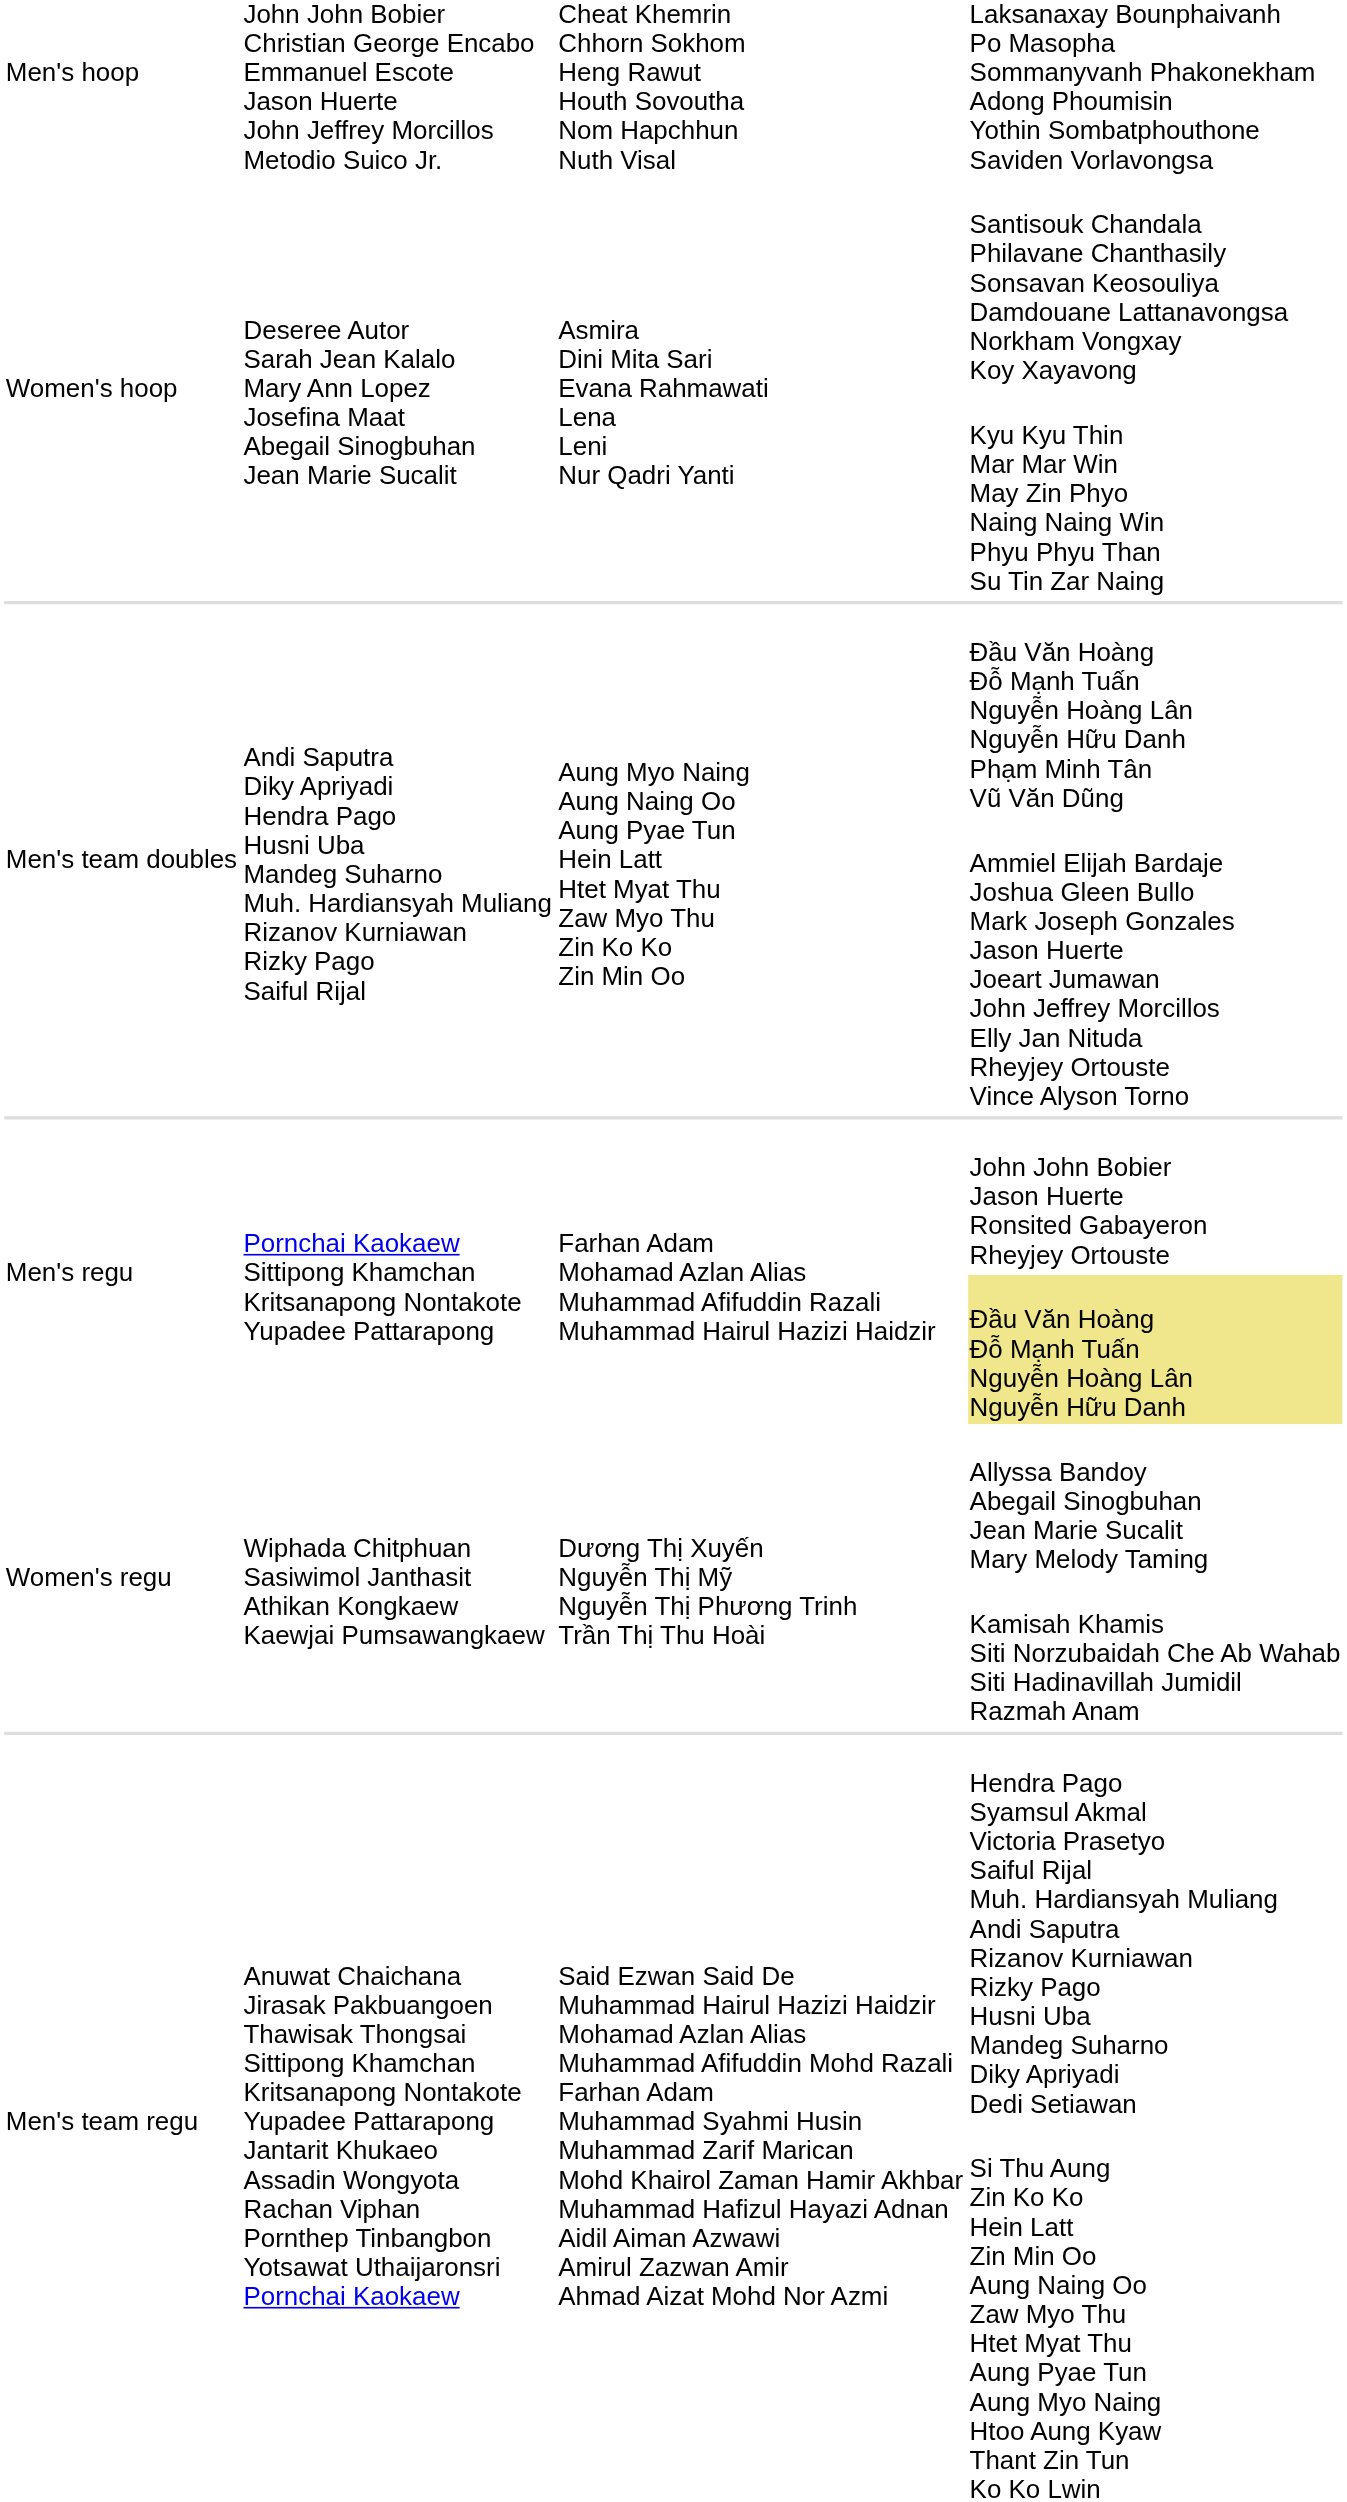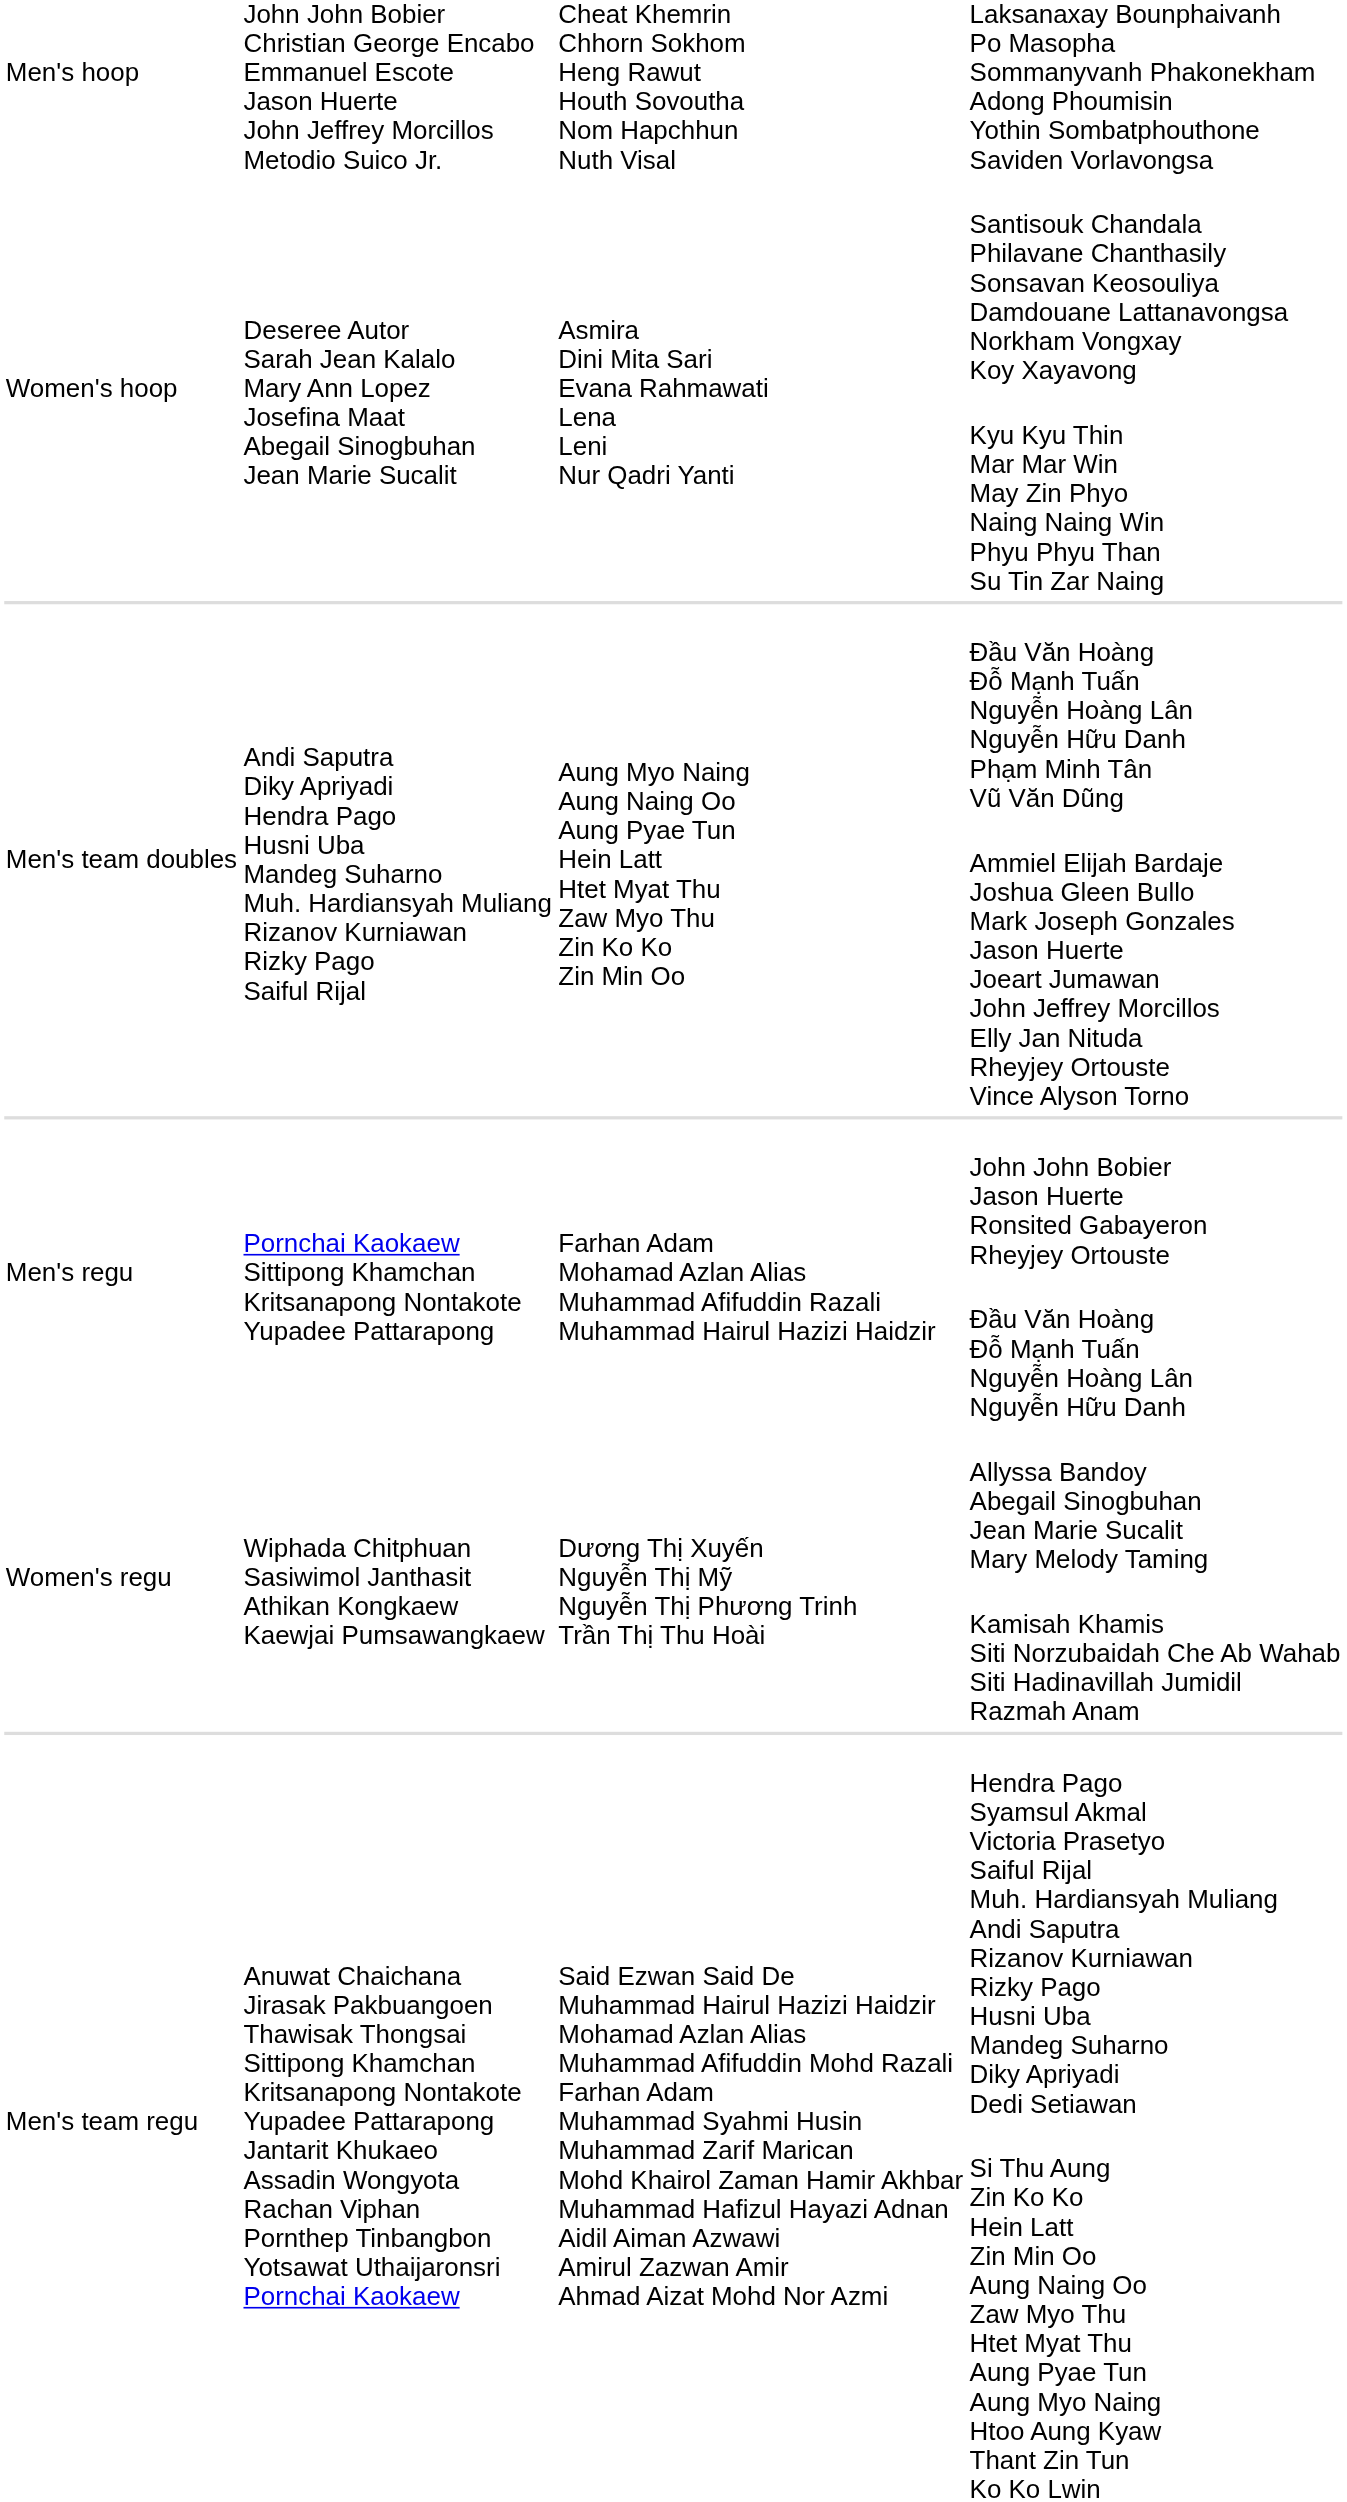 <table>
 <tr>
 <td>Men's hoop</td>
 <td><br>John John Bobier<br>Christian George Encabo<br>Emmanuel Escote<br>Jason Huerte<br>John Jeffrey Morcillos<br>Metodio Suico Jr.</td>
 <td><br>Cheat Khemrin<br>Chhorn Sokhom<br>Heng Rawut<br>Houth Sovoutha<br>Nom Hapchhun<br>Nuth Visal</td>
 <td nowrap=true><br>Laksanaxay Bounphaivanh<br>Po Masopha<br>Sommanyvanh Phakonekham<br>Adong Phoumisin<br>Yothin Sombatphouthone<br>Saviden Vorlavongsa</td>
 </tr>
 <tr>
 <td rowspan=2>Women's hoop</td>
 <td rowspan=2><br>Deseree Autor<br>Sarah Jean Kalalo<br>Mary Ann Lopez<br>Josefina Maat<br>Abegail Sinogbuhan<br>Jean Marie Sucalit</td>
 <td rowspan=2><br>Asmira<br>Dini Mita Sari<br>Evana Rahmawati<br>Lena<br>Leni<br>Nur Qadri Yanti</td>
 <td><br>Santisouk Chandala<br>Philavane Chanthasily<br>Sonsavan Keosouliya<br>Damdouane Lattanavongsa<br>Norkham Vongxay<br>Koy Xayavong</td>
 </tr>
 <tr>
 <td><br>Kyu Kyu Thin<br>Mar Mar Win<br>May Zin Phyo<br>Naing Naing Win<br>Phyu Phyu Than<br>Su Tin Zar Naing</td>
 </tr>
 <tr style="background:#dddddd;">
 <td colspan=7></td>
 </tr>
 <tr>
 <td rowspan=2>Men's team doubles</td>
 <td nowrap=true rowspan=2><br> Andi Saputra <br> Diky Apriyadi <br> Hendra Pago <br> Husni Uba <br> Mandeg Suharno <br> Muh. Hardiansyah Muliang  <br> Rizanov Kurniawan <br> Rizky Pago <br> Saiful Rijal</td>
 <td rowspan=2><br>Aung Myo Naing<br>Aung Naing Oo<br>Aung Pyae Tun<br>Hein Latt<br>Htet Myat Thu<br>Zaw Myo Thu<br>Zin Ko Ko<br>Zin Min Oo</td>
 <td><br>Đầu Văn Hoàng<br>Đỗ Mạnh Tuấn<br>Nguyễn Hoàng Lân<br>Nguyễn Hữu Danh<br>Phạm Minh Tân<br>Vũ Văn Dũng</td>
 </tr>
 <tr>
 <td><br>Ammiel Elijah Bardaje<br>Joshua Gleen Bullo<br>Mark Joseph Gonzales<br>Jason Huerte<br>Joeart Jumawan<br>John Jeffrey Morcillos<br>Elly Jan Nituda<br>Rheyjey Ortouste<br>Vince Alyson Torno</td>
 </tr>
 <tr style="background:#dddddd;">
 <td colspan=7></td>
 </tr>
 <tr>
 <td rowspan=2>Men's regu</td>
 <td rowspan=2><br><a href='#'>Pornchai Kaokaew</a><br>Sittipong Khamchan<br>Kritsanapong Nontakote<br>Yupadee Pattarapong</td>
 <td rowspan=2><br>Farhan Adam<br>Mohamad Azlan Alias<br>Muhammad Afifuddin Razali<br>Muhammad Hairul Hazizi Haidzir</td>
 <td><br>John John Bobier<br>Jason Huerte<br>Ronsited Gabayeron<br>Rheyjey Ortouste</td>
 </tr>
 <tr>
-<td style="background: khaki;"><br>Đầu Văn Hoàng<br>Đỗ Mạnh Tuấn<br>Nguyễn Hoàng Lân<br>Nguyễn Hữu Danh</td>
+<td><br>Đầu Văn Hoàng<br>Đỗ Mạnh Tuấn<br>Nguyễn Hoàng Lân<br>Nguyễn Hữu Danh</td>
 </tr>
 <tr>
 <td rowspan=2>Women's regu</td>
 <td rowspan=2><br>Wiphada Chitphuan<br>Sasiwimol Janthasit<br>Athikan Kongkaew<br>Kaewjai Pumsawangkaew</td>
 <td rowspan=2><br>Dương Thị Xuyến<br>Nguyễn Thị Mỹ<br>Nguyễn Thị Phương Trinh<br>Trần Thị Thu Hoài</td>
 <td><br>Allyssa Bandoy<br>Abegail Sinogbuhan<br>Jean Marie Sucalit<br>Mary Melody Taming</td>
 </tr>
 <tr>
 <td nowrap=true><br>Kamisah Khamis<br>Siti Norzubaidah Che Ab Wahab<br>Siti Hadinavillah Jumidil<br>Razmah Anam</td>
 </tr>
 <tr style="background:#dddddd;">
 <td colspan=7></td>
 </tr>
 <tr>
 <td rowspan=2>Men's team regu</td>
 <td rowspan=2><br>Anuwat Chaichana<br>Jirasak Pakbuangoen<br>Thawisak Thongsai<br>Sittipong Khamchan<br>Kritsanapong Nontakote<br>Yupadee Pattarapong<br>Jantarit Khukaeo<br>Assadin Wongyota<br>Rachan Viphan<br>Pornthep Tinbangbon<br>Yotsawat Uthaijaronsri<br><a href='#'>Pornchai Kaokaew</a></td>
 <td rowspan=2 nowrap=true><br>Said Ezwan Said De<br>Muhammad Hairul Hazizi Haidzir<br>Mohamad Azlan Alias<br>Muhammad Afifuddin Mohd Razali<br>Farhan Adam<br>Muhammad Syahmi Husin<br>Muhammad Zarif Marican<br>Mohd Khairol Zaman Hamir Akhbar<br>Muhammad Hafizul Hayazi Adnan<br>Aidil Aiman Azwawi<br>Amirul Zazwan Amir<br>Ahmad Aizat Mohd Nor Azmi</td>
 <td><br>Hendra Pago<br>Syamsul Akmal<br>Victoria Prasetyo<br>Saiful Rijal<br>Muh. Hardiansyah Muliang<br>Andi Saputra<br>Rizanov Kurniawan<br>Rizky Pago<br>Husni Uba<br>Mandeg Suharno<br>Diky Apriyadi<br>Dedi Setiawan</td>
 </tr>
 <tr>
 <td><br>Si Thu Aung<br>Zin Ko Ko<br>Hein Latt<br>Zin Min Oo<br>Aung Naing Oo<br>Zaw Myo Thu<br>Htet Myat Thu<br>Aung Pyae Tun<br>Aung Myo Naing<br>Htoo Aung Kyaw<br>Thant Zin Tun<br>Ko Ko Lwin</td>
 </tr>
 </table>
